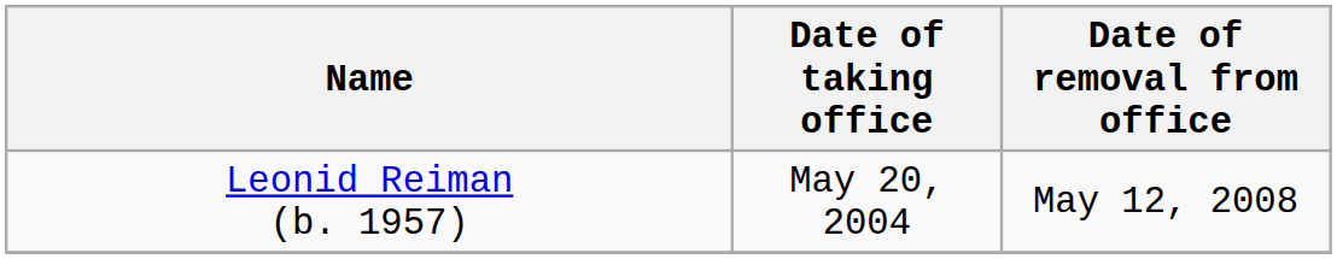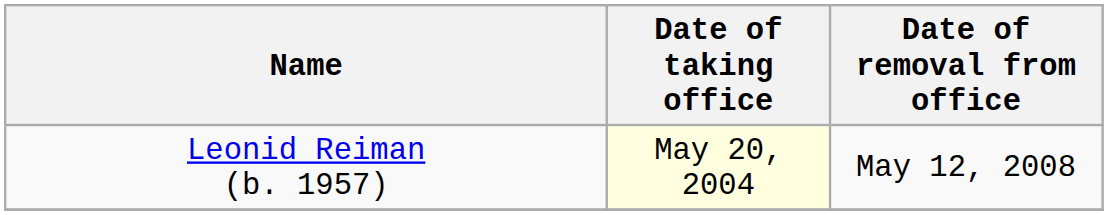 <table class="wikitable" style="text-align:center" width=75%>
 <tr>
 <th width=250px>Name</th>
 <th>Date of taking office</th>
 <th>Date of removal from office</th>
 </tr>
 <tr>
 <td><a href='#'>Leonid Reiman</a><br>(b. 1957)<br></td>
-<td>May 20, 2004</td>
+<td style="background: lightyellow;">May 20, 2004</td>
 <td>May 12, 2008</td>
 </tr>
 <tr>
 </tr>
 </table>
